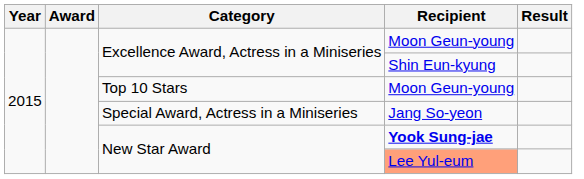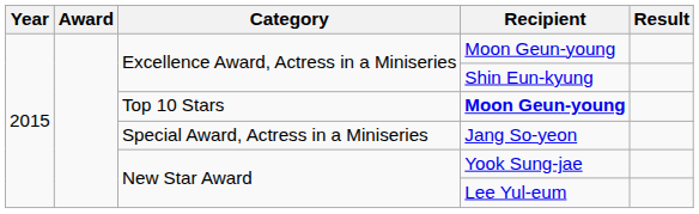 <table class="wikitable">
 <tr>
 <th>Year</th>
 <th>Award</th>
 <th>Category</th>
 <th>Recipient</th>
 <th>Result</th>
 </tr>
 <tr>
 <td rowspan=7>2015</td>
 <td rowspan="7"></td>
 <td rowspan=2>Excellence Award, Actress in a Miniseries</td>
 <td><a href='#'>Moon Geun-young</a></td>
 <td></td>
 </tr>
 <tr>
 <td><a href='#'>Shin Eun-kyung</a></td>
 <td></td>
 </tr>
 <tr>
 <td>Top 10 Stars</td>
-<td><a href='#'>Moon Geun-young</a></td>
+<td><strong><a href='#'>Moon Geun-young</a></strong></td>
 <td></td>
 </tr>
 <tr>
 <td>Special Award, Actress in a Miniseries</td>
 <td><a href='#'>Jang So-yeon</a></td>
 <td></td>
 </tr>
 <tr>
 <td rowspan=2>New Star Award</td>
-<td><strong><a href='#'>Yook Sung-jae</a></strong></td>
+<td><a href='#'>Yook Sung-jae</a></td>
 <td></td>
 </tr>
 <tr>
-<td style="background: lightsalmon;"><a href='#'>Lee Yul-eum</a></td>
+<td><a href='#'>Lee Yul-eum</a></td>
 <td></td>
 </tr>
 </table>
